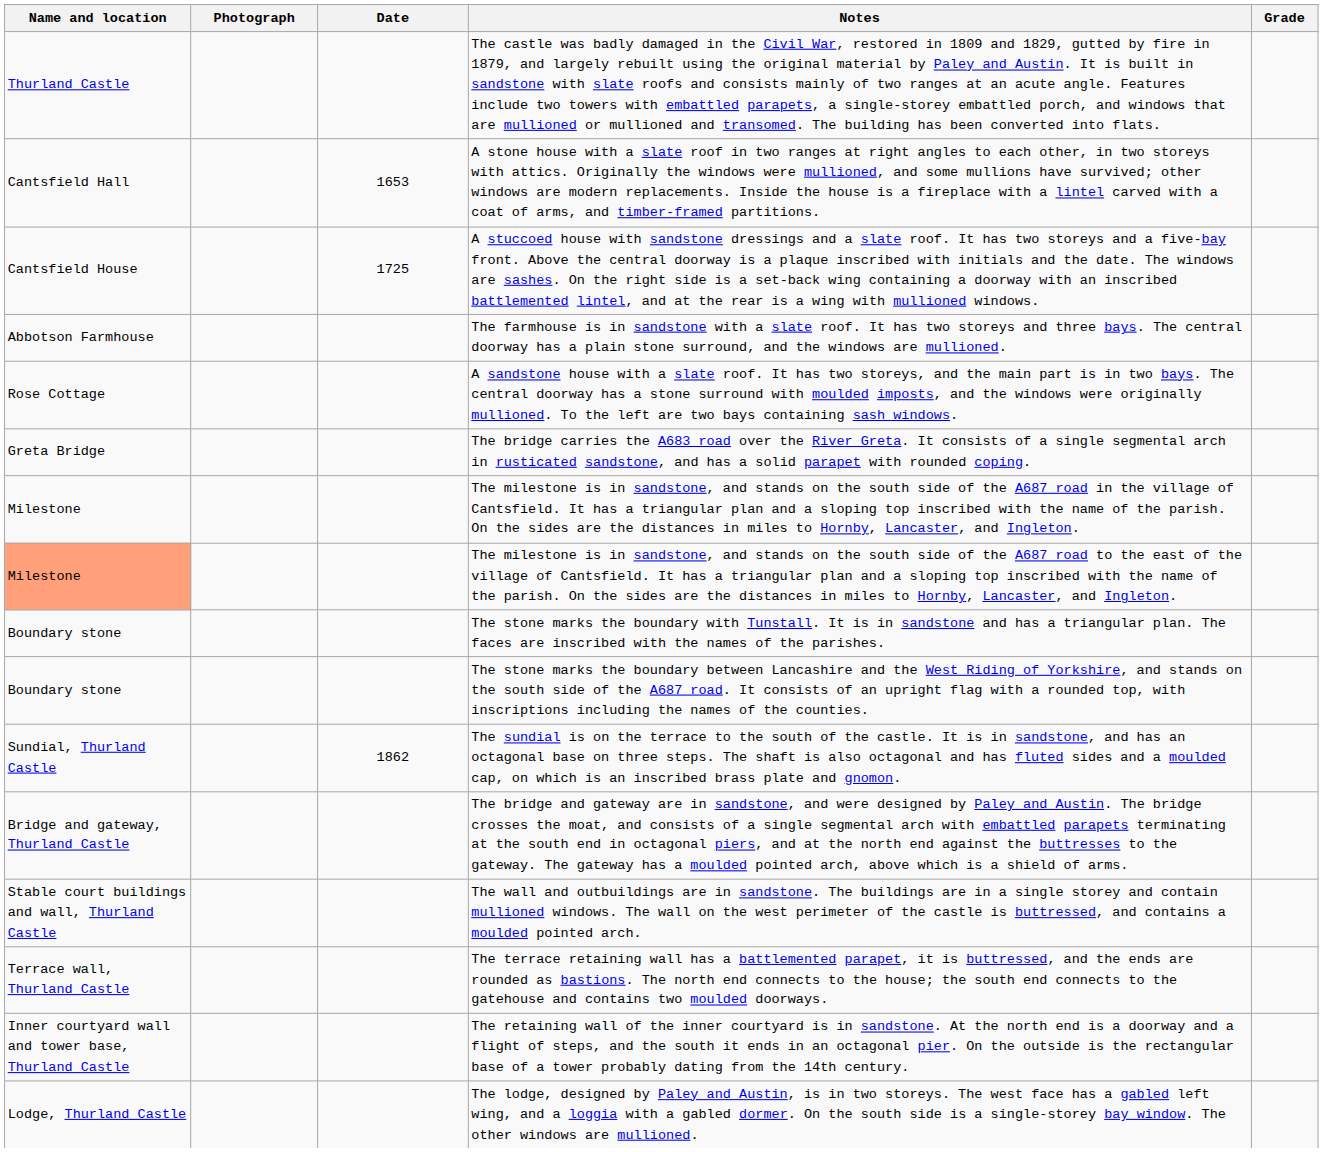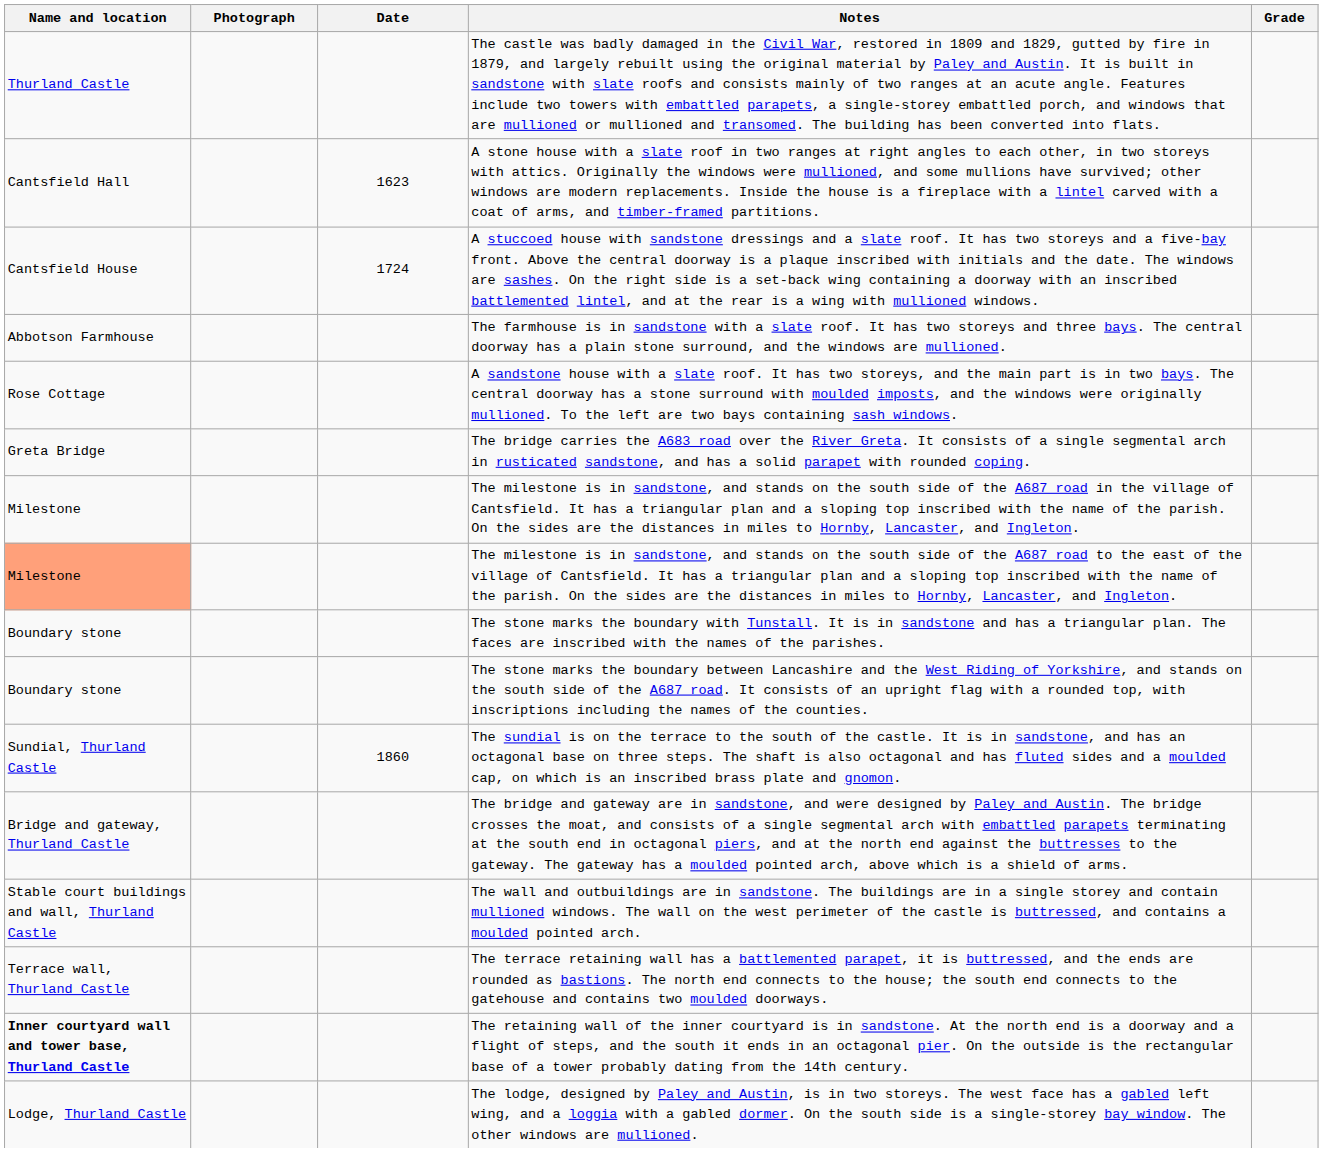 <table class="wikitable sortable plainrowheaders" style="width:100%;border:0px;text-align:left;line-height:150%;">
 <tr>
 <th scope="col"  style="width:150px">Name and location</th>
 <th scope="col"  style="width:100px" class="unsortable">Photograph</th>
 <th scope="col"  style="width:120px">Date</th>
 <th scope="col"  style="width:650px" class="unsortable">Notes</th>
 <th scope="col"  style="width:50px">Grade</th>
 </tr>
 <tr>
 <td><a href='#'>Thurland Castle</a><br><small></small></td>
 <td></td>
 <td align="center"></td>
 <td>The castle was badly damaged in the <a href='#'>Civil War</a>, restored in 1809 and 1829, gutted by fire in 1879, and largely rebuilt using the original material by <a href='#'>Paley and Austin</a>.  It is built in <a href='#'>sandstone</a> with <a href='#'>slate</a> roofs and consists mainly of two ranges at an acute angle.  Features include two towers with <a href='#'>embattled</a> <a href='#'>parapets</a>, a single-storey embattled porch, and windows that are <a href='#'>mullioned</a> or mullioned and <a href='#'>transomed</a>.  The building has been converted into flats.</td>
 <td align="center" ></td>
 </tr>
 <tr>
 <td>Cantsfield Hall<br><small></small></td>
 <td></td>
-<td align="center">1653</td>
+<td align="center">1623</td>
 <td>A stone house with a <a href='#'>slate</a> roof in two ranges at right angles to each other, in two storeys with attics.  Originally the windows were <a href='#'>mullioned</a>, and some mullions have survived; other windows are modern replacements.  Inside the house is a fireplace with a <a href='#'>lintel</a> carved with a coat of arms, and <a href='#'>timber-framed</a> partitions.</td>
 <td align="center" ></td>
 </tr>
 <tr>
 <td>Cantsfield House<br><small></small></td>
 <td></td>
-<td align="center">1725</td>
+<td align="center">1724</td>
 <td>A <a href='#'>stuccoed</a> house with <a href='#'>sandstone</a> dressings and a <a href='#'>slate</a> roof.  It has two storeys and a five-<a href='#'>bay</a> front.  Above the central doorway is a plaque inscribed with initials and the date.  The windows are <a href='#'>sashes</a>.  On the right side is a set-back wing containing a doorway with an inscribed <a href='#'>battlemented</a> <a href='#'>lintel</a>, and at the rear is a wing with <a href='#'>mullioned</a> windows.</td>
 <td align="center" ></td>
 </tr>
 <tr>
 <td>Abbotson Farmhouse<br><small></small></td>
 <td></td>
 <td align="center"></td>
 <td>The farmhouse is in <a href='#'>sandstone</a> with a <a href='#'>slate</a> roof.  It has two storeys and three <a href='#'>bays</a>.  The central doorway has a plain stone surround, and the windows are <a href='#'>mullioned</a>.</td>
 <td align="center" ></td>
 </tr>
 <tr>
 <td>Rose Cottage<br><small></small></td>
 <td></td>
 <td align="center"></td>
 <td>A <a href='#'>sandstone</a> house with a <a href='#'>slate</a> roof.  It has two storeys, and the main part is in two <a href='#'>bays</a>.  The central doorway has a stone surround with <a href='#'>moulded</a> <a href='#'>imposts</a>, and the windows were originally <a href='#'>mullioned</a>.  To the left are two bays containing <a href='#'>sash windows</a>.</td>
 <td align="center" ></td>
 </tr>
 <tr>
 <td>Greta Bridge<br><small></small></td>
 <td></td>
 <td align="center"></td>
 <td>The bridge carries the <a href='#'>A683 road</a> over the <a href='#'>River Greta</a>.  It consists of a single segmental arch in <a href='#'>rusticated</a> <a href='#'>sandstone</a>, and has a solid <a href='#'>parapet</a> with rounded <a href='#'>coping</a>.</td>
 <td align="center" ></td>
 </tr>
 <tr>
 <td>Milestone<br><small></small></td>
 <td></td>
 <td align="center"></td>
 <td>The milestone is in <a href='#'>sandstone</a>, and stands on the south side of the <a href='#'>A687 road</a> in the village of Cantsfield.  It has a triangular plan and a sloping top inscribed with the name of the parish.  On the sides are the distances in miles to <a href='#'>Hornby</a>, <a href='#'>Lancaster</a>, and <a href='#'>Ingleton</a>.</td>
 <td align="center" ></td>
 </tr>
 <tr>
 <td style="background: lightsalmon;">Milestone<br><small></small></td>
 <td></td>
 <td align="center"></td>
 <td>The milestone is in <a href='#'>sandstone</a>, and stands on the south side of the <a href='#'>A687 road</a> to the east of the village of Cantsfield.  It has a triangular plan and a sloping top inscribed with the name of the parish.  On the sides are the distances in miles to <a href='#'>Hornby</a>, <a href='#'>Lancaster</a>, and <a href='#'>Ingleton</a>.</td>
 <td align="center" ></td>
 </tr>
 <tr>
 <td>Boundary stone<br><small></small></td>
 <td></td>
 <td align="center"></td>
 <td>The stone marks the boundary with <a href='#'>Tunstall</a>.  It is in <a href='#'>sandstone</a> and has a triangular plan.  The faces are inscribed with the names of the parishes.</td>
 <td align="center" ></td>
 </tr>
 <tr>
 <td>Boundary stone<br><small></small></td>
 <td></td>
 <td align="center"></td>
 <td>The stone marks the boundary between Lancashire and the <a href='#'>West Riding of Yorkshire</a>, and stands on the south side of the <a href='#'>A687 road</a>.  It consists of an upright flag with a rounded top, with inscriptions including the names of the counties.</td>
 <td align="center" ></td>
 </tr>
 <tr>
 <td>Sundial, <a href='#'>Thurland Castle</a><br><small></small></td>
 <td></td>
-<td align="center">1862</td>
+<td align="center">1860</td>
 <td>The <a href='#'>sundial</a> is on the terrace to the south of the castle.  It is in <a href='#'>sandstone</a>, and has an octagonal base on three steps.  The shaft is also octagonal and has <a href='#'>fluted</a> sides and a <a href='#'>moulded</a> cap, on which is an inscribed brass plate and <a href='#'>gnomon</a>.</td>
 <td align="center" ></td>
 </tr>
 <tr>
 <td>Bridge and gateway,<br><a href='#'>Thurland Castle</a><br><small></small></td>
 <td></td>
 <td align="center"></td>
 <td>The bridge and gateway are in <a href='#'>sandstone</a>, and were designed by <a href='#'>Paley and Austin</a>.  The bridge crosses the moat, and consists of a single segmental arch with <a href='#'>embattled</a> <a href='#'>parapets</a> terminating at the south end in octagonal <a href='#'>piers</a>, and at the north end against the <a href='#'>buttresses</a> to the gateway.  The gateway has a <a href='#'>moulded</a> pointed arch, above which is a shield of arms.</td>
 <td align="center" ></td>
 </tr>
 <tr>
 <td>Stable court buildings and wall, <a href='#'>Thurland Castle</a><br><small></small></td>
 <td></td>
 <td align="center"></td>
 <td>The wall and outbuildings are in <a href='#'>sandstone</a>.  The buildings are in a single storey and contain <a href='#'>mullioned</a> windows.  The wall on the west perimeter of the castle is <a href='#'>buttressed</a>, and contains a <a href='#'>moulded</a> pointed arch.</td>
 <td align="center" ></td>
 </tr>
 <tr>
 <td>Terrace wall,<br><a href='#'>Thurland Castle</a><br><small></small></td>
 <td></td>
 <td align="center"></td>
 <td>The terrace retaining wall has a <a href='#'>battlemented</a> <a href='#'>parapet</a>, it is <a href='#'>buttressed</a>, and the ends are rounded as <a href='#'>bastions</a>.  The north end connects to the house; the south end connects to the gatehouse and contains two <a href='#'>moulded</a> doorways.</td>
 <td align="center" ></td>
 </tr>
 <tr>
-<td>Inner courtyard wall and tower base,<br><a href='#'>Thurland Castle</a><br><small></small></td>
+<td><strong>Inner courtyard wall and tower base,<br><a href='#'>Thurland Castle</a><br><small></small></strong></td>
 <td></td>
 <td align="center"></td>
 <td>The retaining wall of the inner courtyard is in <a href='#'>sandstone</a>.  At the north end is a doorway and a flight of steps, and the south it ends in an octagonal <a href='#'>pier</a>.  On the outside is the rectangular base of a tower probably dating from the 14th century.</td>
 <td align="center" ></td>
 </tr>
 <tr>
 <td>Lodge, <a href='#'>Thurland Castle</a><br><small></small></td>
 <td></td>
 <td align="center"></td>
 <td>The lodge, designed by <a href='#'>Paley and Austin</a>, is in two storeys.  The west face has a <a href='#'>gabled</a> left wing, and a <a href='#'>loggia</a> with a gabled <a href='#'>dormer</a>.  On the south side is a single-storey <a href='#'>bay window</a>.  The other windows are <a href='#'>mullioned</a>.</td>
 <td align="center" ></td>
 </tr>
 <tr>
 </tr>
 </table>
